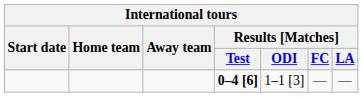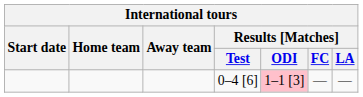 <table class="wikitable">
 <tr>
 <th colspan="7">International tours</th>
 </tr>
 <tr>
 <th rowspan="2">Start date</th>
 <th rowspan="2">Home team</th>
 <th rowspan="2">Away team</th>
 <th colspan="4">Results [Matches]</th>
 </tr>
 <tr>
 <th><a href='#'>Test</a></th>
 <th><a href='#'>ODI</a></th>
 <th><a href='#'>FC</a></th>
 <th><a href='#'>LA</a></th>
 </tr>
 <tr>
 <td><a href='#'></a></td>
 <td></td>
 <td></td>
-<td><strong>0–4 [6]</strong></td>
-<td>1–1 [3]</td>
+<td>0–4 [6]</td>
+<td style="background: pink;">1–1 [3]</td>
 <td ; style="text-align:center">—</td>
 <td ; style="text-align:center">—</td>
 </tr>
 </table>
